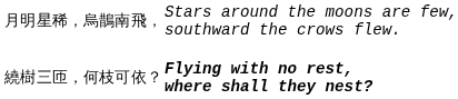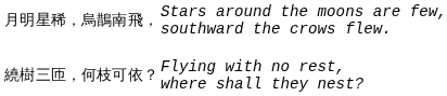 <table border="0" cellpadding="0">
 <tr>
 <td style="font-size:100%"><br>月明星稀，烏鵲南飛，</td>
 <td><br><em>Stars around the moons are few,</em><br> <em>southward the crows flew.</em></td>
 </tr>
 <tr>
 <td style="font-size:100%"><br>繞樹三匝，何枝可依？</td>
-<td><strong><br><em>Flying with no rest,</em><br> <em>where shall they nest?</em></strong></td>
+<td><br><em>Flying with no rest,</em><br> <em>where shall they nest?</em></td>
 </tr>
 </table>
